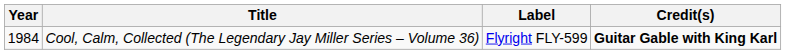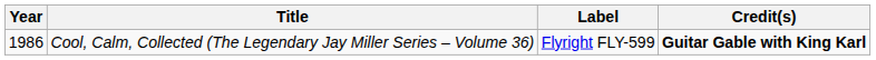 <table class="wikitable">
 <tr>
 <th>Year</th>
 <th>Title</th>
 <th>Label</th>
 <th>Credit(s)</th>
 </tr>
 <tr>
-<td>1984</td>
+<td>1986</td>
 <td><em>Cool, Calm, Collected (The Legendary Jay Miller Series – Volume 36)</em></td>
 <td><a href='#'>Flyright</a> FLY-599</td>
 <td><strong>Guitar Gable with King Karl</strong></td>
 </tr>
 </table>
